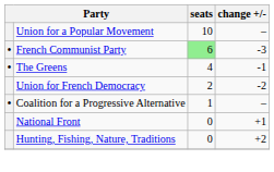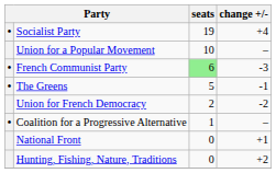 <table class="wikitable" style="font-size: 95%;">
 <tr>
 <th colspan=2>Party</th>
 <th>seats</th>
 <th>change +/-</th>
+</tr>
+<tr>
+<th style="background-color: "><span>•</span></th>
+<td><a href='#'>Socialist Party</a></td>
+<td align="right">19</td>
+<td align="right">+4</td>
 </tr>
 <tr>
 <th style="background-color: "></th>
 <td><a href='#'>Union for a Popular Movement</a></td>
 <td align="right">10</td>
 <td align="right">–</td>
 </tr>
 <tr>
 <th style="background-color: "><span>•</span></th>
 <td><a href='#'>French Communist Party</a></td>
 <td align="right" style="background: lightgreen;">6</td>
 <td align="right">-3</td>
 </tr>
 <tr>
 <th style="background-color: "><span>•</span></th>
 <td><a href='#'>The Greens</a></td>
-<td align="right">4</td>
+<td align="right">5</td>
 <td align="right">-1</td>
 </tr>
 <tr>
 <th style="background-color: "></th>
 <td><a href='#'>Union for French Democracy</a></td>
 <td align="right">2</td>
 <td align="right">-2</td>
 </tr>
 <tr>
 <th style="background-color: "><span>•</span></th>
 <td>Coalition for a Progressive Alternative</td>
 <td align="right">1</td>
 <td align="right">–</td>
 </tr>
 <tr>
 <th style="background-color: "></th>
 <td><a href='#'>National Front</a></td>
 <td align="right">0</td>
 <td align="right">+1</td>
 </tr>
 <tr>
 <th style="background-color: "></th>
 <td><a href='#'>Hunting, Fishing, Nature, Traditions</a></td>
 <td align="right">0</td>
 <td align="right">+2</td>
 </tr>
 <tr>
 </tr>
 </table>
